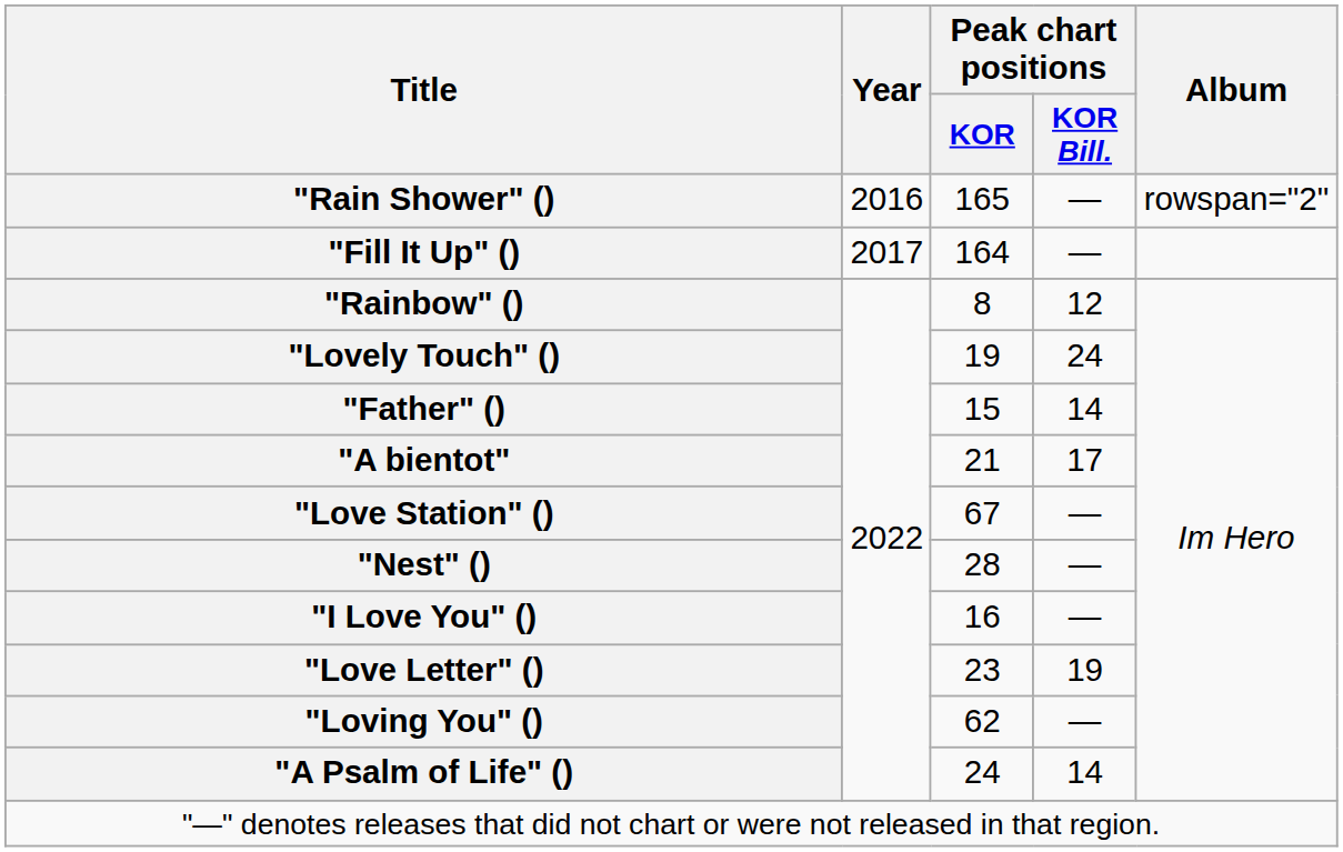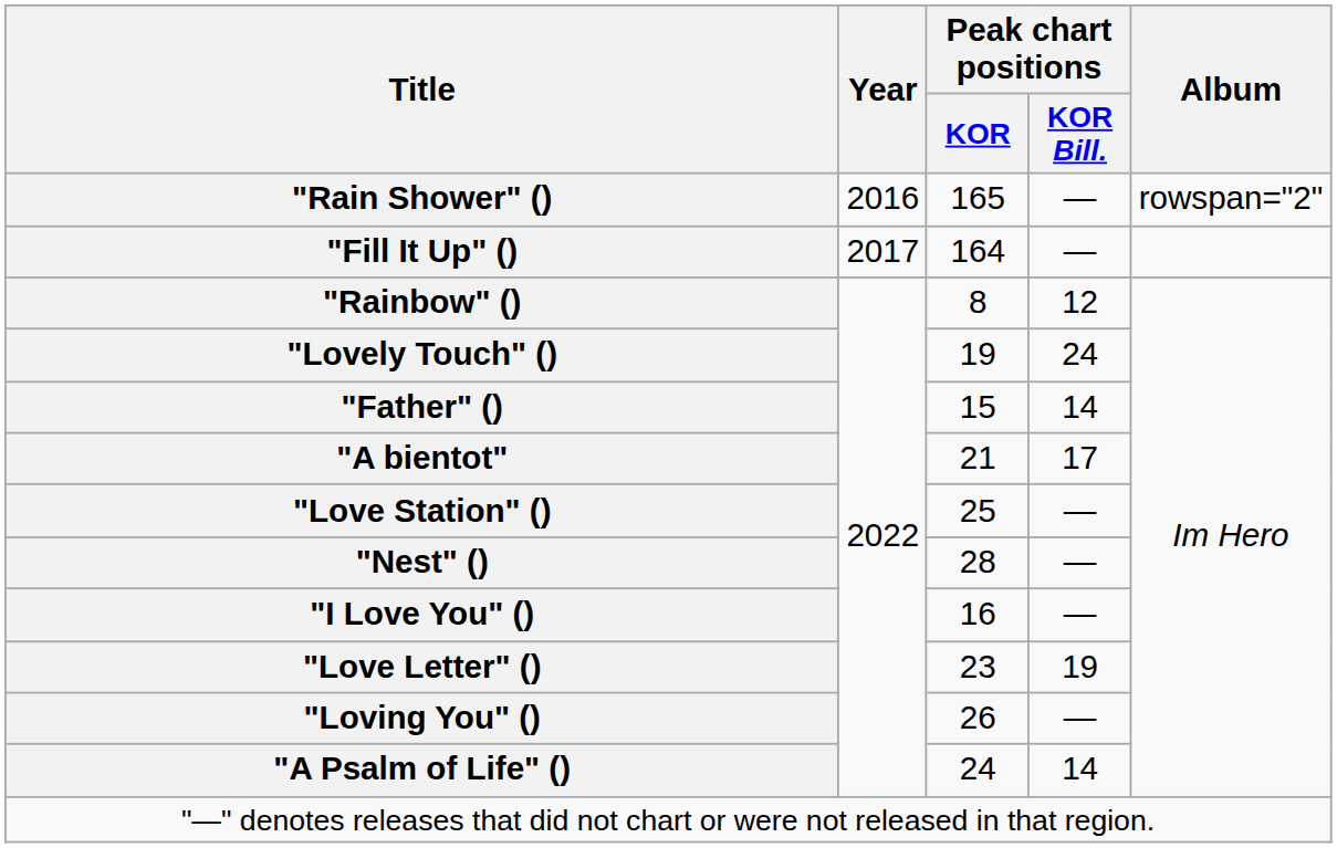 <table class="wikitable plainrowheaders" style="text-align:center;">
 <tr>
 <th scope="col" rowspan="2" style="width:25em;">Title</th>
 <th scope="col" rowspan="2">Year</th>
 <th scope="col" colspan="2">Peak chart positions</th>
 <th scope="col" rowspan="2">Album</th>
 </tr>
 <tr>
 <th scope="col" style="width:3em;font-size:90%;"><a href='#'>KOR</a><br></th>
 <th scope="col" style="width:3em;font-size:90%;"><a href='#'>KOR<br><em>Bill.</em></a><br></th>
 </tr>
 <tr>
 <th scope="row">"Rain Shower" ()</th>
 <td>2016</td>
 <td>165</td>
 <td>—</td>
 <td>rowspan="2" </td>
 </tr>
 <tr>
 <th scope="row">"Fill It Up" ()</th>
 <td>2017</td>
 <td>164</td>
 <td>—</td>
 </tr>
 <tr>
 <th scope="row">"Rainbow" ()</th>
 <td rowspan="10">2022</td>
 <td>8</td>
 <td>12</td>
 <td rowspan="10"><em>Im Hero</em></td>
 </tr>
 <tr>
 <th scope="row">"Lovely Touch" ()</th>
 <td>19</td>
 <td>24</td>
 </tr>
 <tr>
 <th scope="row">"Father" ()</th>
 <td>15</td>
 <td>14</td>
 </tr>
 <tr>
 <th scope="row">"A bientot"</th>
 <td>21</td>
 <td>17</td>
 </tr>
 <tr>
 <th scope="row">"Love Station" ()</th>
-<td>67</td>
+<td>25</td>
 <td>—</td>
 </tr>
 <tr>
 <th scope="row">"Nest" ()</th>
 <td>28</td>
 <td>—</td>
 </tr>
 <tr>
 <th scope="row">"I Love You" ()</th>
 <td>16</td>
 <td>—</td>
 </tr>
 <tr>
 <th scope="row">"Love Letter" ()</th>
 <td>23</td>
 <td>19</td>
 </tr>
 <tr>
 <th scope="row">"Loving You" ()</th>
-<td>62</td>
+<td>26</td>
 <td>—</td>
 </tr>
 <tr>
 <th scope="row">"A Psalm of Life" ()</th>
 <td>24</td>
 <td>14</td>
 </tr>
 <tr>
 <td colspan="5" style="font-size:90%;">"—" denotes releases that did not chart or were not released in that region.</td>
 </tr>
 </table>
